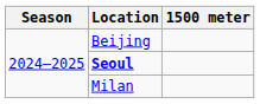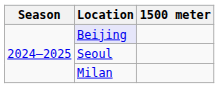 <table class="wikitable" style="display: inline-table;">
 <tr align="center" bgcolor="#b0c4de">
 <th>Season</th>
 <th>Location</th>
 <th>1500 meter</th>
 </tr>
 <tr>
 <td rowspan=3><a href='#'>2024–2025</a></td>
-<td> <a href='#'>Beijing</a></td>
+<td style="background: lavender;"> <a href='#'>Beijing</a></td>
 <td style="text-align:center;"></td>
 </tr>
 <tr>
-<td><strong> <a href='#'>Seoul</a></strong></td>
+<td> <a href='#'>Seoul</a></td>
 <td style="text-align:center;"></td>
 </tr>
 <tr>
 <td> <a href='#'>Milan</a></td>
 <td style="text-align:center;"></td>
 </tr>
 </table>
